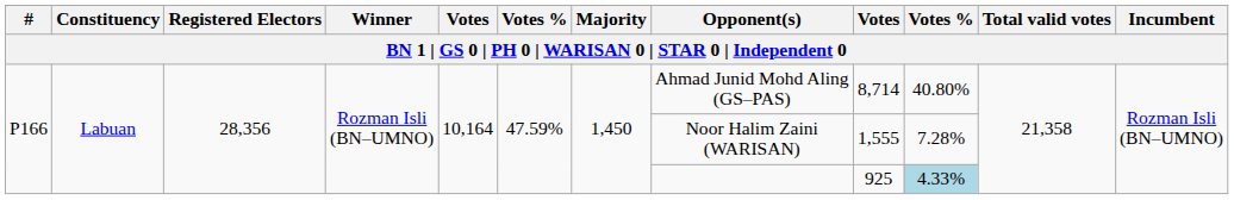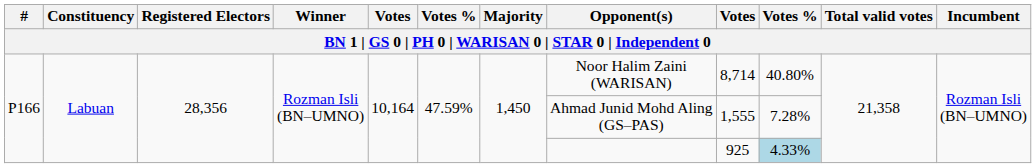 <table class="wikitable sortable" style">
 <tr>
 <th>#</th>
 <th>Constituency</th>
 <th>Registered Electors</th>
 <th>Winner</th>
 <th>Votes</th>
 <th>Votes %</th>
 <th>Majority</th>
 <th>Opponent(s)</th>
 <th>Votes</th>
 <th>Votes %</th>
 <th>Total valid votes</th>
 <th>Incumbent</th>
 </tr>
 <tr>
 <th colspan="13"><a href='#'>BN</a> <strong>1</strong> | <a href='#'>GS</a> <strong>0</strong> | <a href='#'>PH</a> <strong>0</strong> | <a href='#'>WARISAN</a> <strong>0</strong> | <a href='#'>STAR</a> <strong>0</strong> | <a href='#'>Independent</a> <strong>0</strong></th>
 </tr>
 <tr align="center">
 <td rowspan=3>P166</td>
 <td rowspan=3><a href='#'>Labuan</a></td>
 <td rowspan=3>28,356</td>
 <td rowspan=3><a href='#'>Rozman Isli</a><br>(BN–UMNO)</td>
 <td rowspan=3>10,164</td>
 <td rowspan=3>47.59%</td>
 <td rowspan=3>1,450</td>
-<td>Ahmad Junid Mohd Aling<br>(GS–PAS)</td>
+<td>Noor Halim Zaini<br>(WARISAN)</td>
 <td>8,714</td>
 <td>40.80%</td>
 <td rowspan=3>21,358</td>
 <td rowspan=3><a href='#'>Rozman Isli</a><br>(BN–UMNO)</td>
 </tr>
 <tr align="center">
-<td>Noor Halim Zaini<br>(WARISAN)</td>
+<td>Ahmad Junid Mohd Aling<br>(GS–PAS)</td>
 <td>1,555</td>
 <td>7.28%</td>
 </tr>
 <tr align="center">
 <td></td>
 <td>925</td>
 <td style="background: lightblue;">4.33%</td>
 </tr>
 </table>
